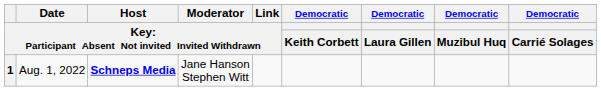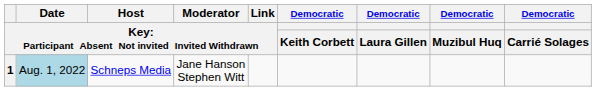 <table class="wikitable" style="text-align:center;">
 <tr>
 <th scope="col"></th>
 <th scope="col">Date</th>
 <th scope="col">Host</th>
 <th scope="col">Moderator</th>
 <th scope="col">Link</th>
 <th scope="col"><small><a href='#'>Democratic</a></small></th>
 <th scope="col"><small><a href='#'>Democratic</a></small></th>
 <th scope="col"><small><a href='#'>Democratic</a></small></th>
 <th scope="col"><small><a href='#'>Democratic</a></small></th>
 </tr>
 <tr>
 <th colspan="5" rowspan="2">Key:<br> <small>Participant </small>  <small>Absent </small>  <small>Not invited </small>  <small>Invited  Withdrawn</small></th>
 <th scope="col" style="background:"></th>
 <th scope="col" style="background:"></th>
 <th scope="col" style="background:"></th>
 <th scope="col" style="background:"></th>
 </tr>
 <tr>
 <th scope="col">Keith Corbett</th>
 <th scope="col">Laura Gillen</th>
 <th scope="col">Muzibul Huq</th>
 <th scope="col">Carrié Solages</th>
 </tr>
 <tr>
 <th>1</th>
-<td style="white-space:nowrap;">Aug. 1, 2022</td>
-<td style="white-space:nowrap;"><strong><a href='#'>Schneps Media</a></strong></td>
+<td style="background: lightblue; white-space:nowrap;">Aug. 1, 2022</td>
+<td style="white-space:nowrap;"><a href='#'>Schneps Media</a></td>
 <td style="white-space:nowrap;">Jane Hanson<br>Stephen Witt</td>
 <td style="white-space:nowrap;"></td>
 <td></td>
 <td></td>
 <td></td>
 <td></td>
 </tr>
 </table>
